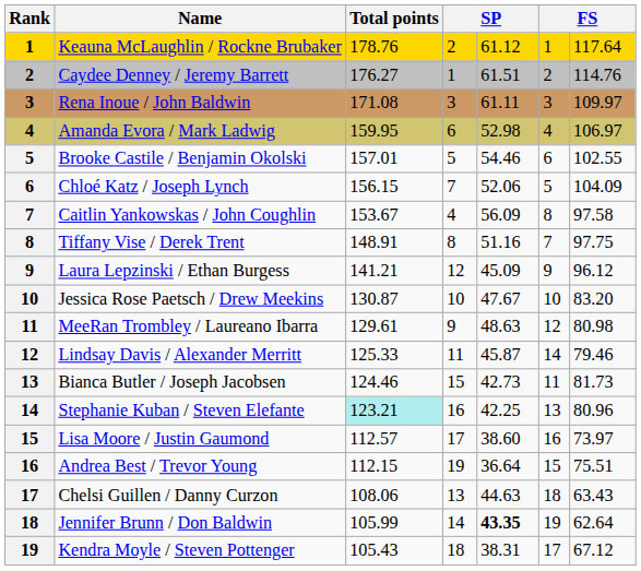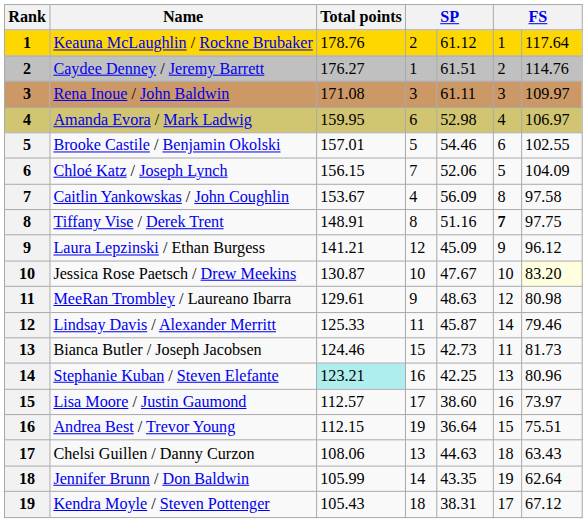 <table class="wikitable sortable">
 <tr>
 <th>Rank</th>
 <th>Name</th>
 <th>Total points</th>
 <th colspan="2" width="80px"><a href='#'>SP</a></th>
 <th colspan="2" width="80px"><a href='#'>FS</a></th>
 </tr>
 <tr bgcolor="gold">
 <td align="center"><strong>1</strong></td>
 <td><a href='#'>Keauna McLaughlin</a> / <a href='#'>Rockne Brubaker</a></td>
 <td>178.76</td>
 <td>2</td>
 <td>61.12</td>
 <td>1</td>
 <td>117.64</td>
 </tr>
 <tr bgcolor="silver">
 <td align="center"><strong>2</strong></td>
 <td><a href='#'>Caydee Denney</a> / <a href='#'>Jeremy Barrett</a></td>
 <td>176.27</td>
 <td>1</td>
 <td>61.51</td>
 <td>2</td>
 <td>114.76</td>
 </tr>
 <tr bgcolor="cc9966">
 <td align="center"><strong>3</strong></td>
 <td><a href='#'>Rena Inoue</a> / <a href='#'>John Baldwin</a></td>
 <td>171.08</td>
 <td>3</td>
 <td>61.11</td>
 <td>3</td>
 <td>109.97</td>
 </tr>
 <tr bgcolor="#d1c571">
 <td align="center"><strong>4</strong></td>
 <td><a href='#'>Amanda Evora</a> / <a href='#'>Mark Ladwig</a></td>
 <td>159.95</td>
 <td>6</td>
 <td>52.98</td>
 <td>4</td>
 <td>106.97</td>
 </tr>
 <tr>
 <th>5</th>
 <td><a href='#'>Brooke Castile</a> / <a href='#'>Benjamin Okolski</a></td>
 <td>157.01</td>
 <td>5</td>
 <td>54.46</td>
 <td>6</td>
 <td>102.55</td>
 </tr>
 <tr>
 <th>6</th>
 <td><a href='#'>Chloé Katz</a> / <a href='#'>Joseph Lynch</a></td>
 <td>156.15</td>
 <td>7</td>
 <td>52.06</td>
 <td>5</td>
 <td>104.09</td>
 </tr>
 <tr>
 <th>7</th>
 <td><a href='#'>Caitlin Yankowskas</a> / <a href='#'>John Coughlin</a></td>
 <td>153.67</td>
 <td>4</td>
 <td>56.09</td>
 <td>8</td>
 <td>97.58</td>
 </tr>
 <tr>
 <th>8</th>
 <td><a href='#'>Tiffany Vise</a> / <a href='#'>Derek Trent</a></td>
 <td>148.91</td>
 <td>8</td>
 <td>51.16</td>
-<td>7</td>
+<td><strong>7</strong></td>
 <td>97.75</td>
 </tr>
 <tr>
 <th>9</th>
 <td><a href='#'>Laura Lepzinski</a> / Ethan Burgess</td>
 <td>141.21</td>
 <td>12</td>
 <td>45.09</td>
 <td>9</td>
 <td>96.12</td>
 </tr>
 <tr>
 <th>10</th>
 <td>Jessica Rose Paetsch / <a href='#'>Drew Meekins</a></td>
 <td>130.87</td>
 <td>10</td>
 <td>47.67</td>
 <td>10</td>
-<td>83.20</td>
+<td style="background: lightyellow;">83.20</td>
 </tr>
 <tr>
 <th>11</th>
 <td><a href='#'>MeeRan Trombley</a> / Laureano Ibarra</td>
 <td>129.61</td>
 <td>9</td>
 <td>48.63</td>
 <td>12</td>
 <td>80.98</td>
 </tr>
 <tr>
 <th>12</th>
 <td><a href='#'>Lindsay Davis</a> / <a href='#'>Alexander Merritt</a></td>
 <td>125.33</td>
 <td>11</td>
 <td>45.87</td>
 <td>14</td>
 <td>79.46</td>
 </tr>
 <tr>
 <th>13</th>
 <td>Bianca Butler / Joseph Jacobsen</td>
 <td>124.46</td>
 <td>15</td>
 <td>42.73</td>
 <td>11</td>
 <td>81.73</td>
 </tr>
 <tr>
 <th>14</th>
 <td><a href='#'>Stephanie Kuban</a> / <a href='#'>Steven Elefante</a></td>
 <td style="background: paleturquoise;">123.21</td>
 <td>16</td>
 <td>42.25</td>
 <td>13</td>
 <td>80.96</td>
 </tr>
 <tr>
 <th>15</th>
 <td><a href='#'>Lisa Moore</a> / <a href='#'>Justin Gaumond</a></td>
 <td>112.57</td>
 <td>17</td>
 <td>38.60</td>
 <td>16</td>
 <td>73.97</td>
 </tr>
 <tr>
 <th>16</th>
 <td><a href='#'>Andrea Best</a> / <a href='#'>Trevor Young</a></td>
 <td>112.15</td>
 <td>19</td>
 <td>36.64</td>
 <td>15</td>
 <td>75.51</td>
 </tr>
 <tr>
 <th>17</th>
 <td>Chelsi Guillen / Danny Curzon</td>
 <td>108.06</td>
 <td>13</td>
 <td>44.63</td>
 <td>18</td>
 <td>63.43</td>
 </tr>
 <tr>
 <th>18</th>
 <td><a href='#'>Jennifer Brunn</a> / <a href='#'>Don Baldwin</a></td>
 <td>105.99</td>
 <td>14</td>
-<td><strong>43.35</strong></td>
+<td>43.35</td>
 <td>19</td>
 <td>62.64</td>
 </tr>
 <tr>
 <th>19</th>
 <td><a href='#'>Kendra Moyle</a> / <a href='#'>Steven Pottenger</a></td>
 <td>105.43</td>
 <td>18</td>
 <td>38.31</td>
 <td>17</td>
 <td>67.12</td>
 </tr>
 </table>
